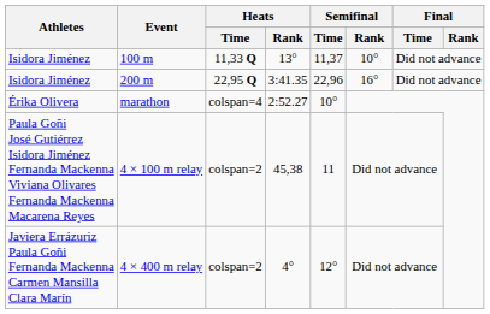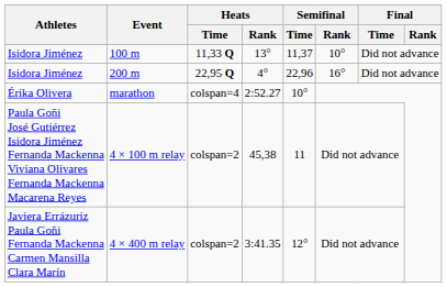 <table class="wikitable" border="1" style="font-size:90%">
 <tr>
 <th rowspan=2>Athletes</th>
 <th rowspan=2>Event</th>
 <th colspan=2>Heats</th>
 <th colspan=2>Semifinal</th>
 <th colspan=2>Final</th>
 </tr>
 <tr>
 <th>Time</th>
 <th>Rank</th>
 <th>Time</th>
 <th>Rank</th>
 <th>Time</th>
 <th>Rank</th>
 </tr>
 <tr>
 <td><a href='#'>Isidora Jiménez</a></td>
 <td><a href='#'>100 m</a></td>
 <td align=center>11,33 <strong>Q</strong></td>
 <td align=center>13°</td>
 <td align=center>11,37</td>
 <td align=center>10°</td>
 <td align=center colspan="2">Did not advance</td>
 </tr>
 <tr>
 <td><a href='#'>Isidora Jiménez</a></td>
 <td><a href='#'>200 m</a></td>
 <td align=center>22,95 <strong>Q</strong></td>
-<td align=center>3:41.35</td>
+<td align=center>4°</td>
 <td align=center>22,96</td>
 <td align=center>16°</td>
 <td align=center colspan="2">Did not advance</td>
 </tr>
 <tr>
 <td><a href='#'>Érika Olivera</a></td>
 <td><a href='#'>marathon</a></td>
 <td>colspan=4 </td>
 <td align=center>2:52.27</td>
 <td align=center>10°</td>
 </tr>
 <tr>
 <td><a href='#'>Paula Goñi</a><br><a href='#'>José Gutiérrez</a><br><a href='#'>Isidora Jiménez</a><br><a href='#'>Fernanda Mackenna</a><br><a href='#'>Viviana Olivares</a><br><a href='#'>Fernanda Mackenna</a><br><a href='#'>Macarena Reyes</a></td>
 <td><a href='#'>4 × 100 m relay</a></td>
 <td>colspan=2 </td>
 <td align=center>45,38</td>
 <td align=center>11</td>
 <td align=center colspan="2">Did not advance</td>
 </tr>
 <tr>
 <td><a href='#'>Javiera Errázuriz</a><br><a href='#'>Paula Goñi</a><br><a href='#'>Fernanda Mackenna</a><br><a href='#'>Carmen Mansilla</a><br><a href='#'>Clara Marín</a></td>
 <td><a href='#'>4 × 400 m relay</a></td>
 <td>colspan=2 </td>
-<td align=center>4°</td>
+<td align=center>3:41.35</td>
 <td align=center>12°</td>
 <td align=center colspan="2">Did not advance</td>
 </tr>
 </table>
